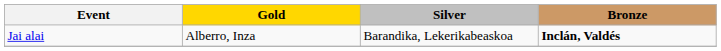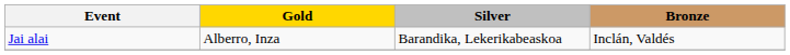 <table class="wikitable" style="max-width: 23cm; width: 100%">
 <tr>
 <th scope="col">Event</th>
 <th scope="col" style="background-color:gold; width:25%">Gold</th>
 <th scope="col" style="background-color:silver; width:25%; width:25%">Silver</th>
 <th scope="col" style="background-color:#cc9966; width:25%">Bronze</th>
 </tr>
 <tr>
 <td><a href='#'>Jai alai</a></td>
 <td> Alberro, Inza</td>
 <td> Barandika, Lekerikabeaskoa</td>
-<td><strong> Inclán, Valdés</strong></td>
+<td> Inclán, Valdés</td>
 </tr>
 <tr>
 </tr>
 </table>
